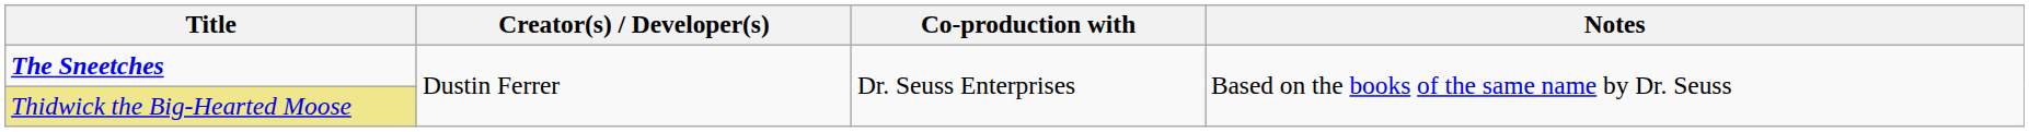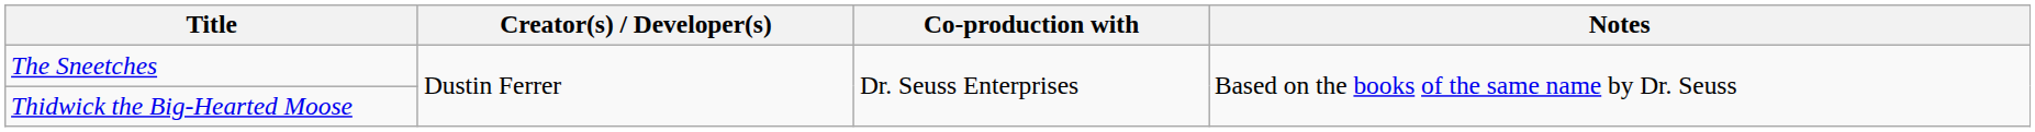 <table class="wikitable" style="width:100%;">
 <tr>
 <th width="250px">Title</th>
 <th>Creator(s) / Developer(s)</th>
 <th>Co-production with</th>
 <th>Notes</th>
 </tr>
 <tr>
-<td><strong><em><a href='#'>The Sneetches</a></em></strong></td>
+<td><em><a href='#'>The Sneetches</a></em></td>
 <td rowspan="2">Dustin Ferrer</td>
 <td rowspan="2">Dr. Seuss Enterprises</td>
 <td rowspan="2">Based on the <a href='#'>books</a> <a href='#'>of the same name</a> by Dr. Seuss</td>
 </tr>
 <tr>
-<td style="background: khaki;"><em><a href='#'>Thidwick the Big-Hearted Moose</a></em></td>
+<td><em><a href='#'>Thidwick the Big-Hearted Moose</a></em></td>
 </tr>
 </table>
